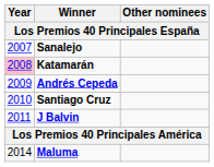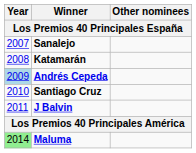 <table class="wikitable">
 <tr>
 <th>Year</th>
 <th>Winner</th>
 <th>Other nominees</th>
 </tr>
 <tr>
 <th colspan=3>Los Premios 40 Principales España</th>
 </tr>
 <tr>
 <td><a href='#'>2007</a></td>
 <td><strong>Sanalejo</strong></td>
 <td></td>
 </tr>
 <tr>
-<td style="background: pink;"><a href='#'>2008</a></td>
+<td><a href='#'>2008</a></td>
 <td><strong>Katamarán</strong></td>
 <td></td>
 </tr>
 <tr>
-<td><a href='#'>2009</a></td>
+<td style="background: lightblue;"><a href='#'>2009</a></td>
 <td><strong><a href='#'>Andrés Cepeda</a></strong></td>
 <td></td>
 </tr>
 <tr>
 <td><a href='#'>2010</a></td>
 <td><strong>Santiago Cruz</strong></td>
 <td></td>
 </tr>
 <tr>
 <td><a href='#'>2011</a></td>
 <td><strong><a href='#'>J Balvin</a></strong></td>
 <td></td>
 </tr>
 <tr>
 <th colspan=3>Los Premios 40 Principales América</th>
 </tr>
 <tr>
-<td>2014</td>
+<td style="background: lightgreen;">2014</td>
 <td><strong><a href='#'>Maluma</a></strong></td>
 <td></td>
 </tr>
 </table>
